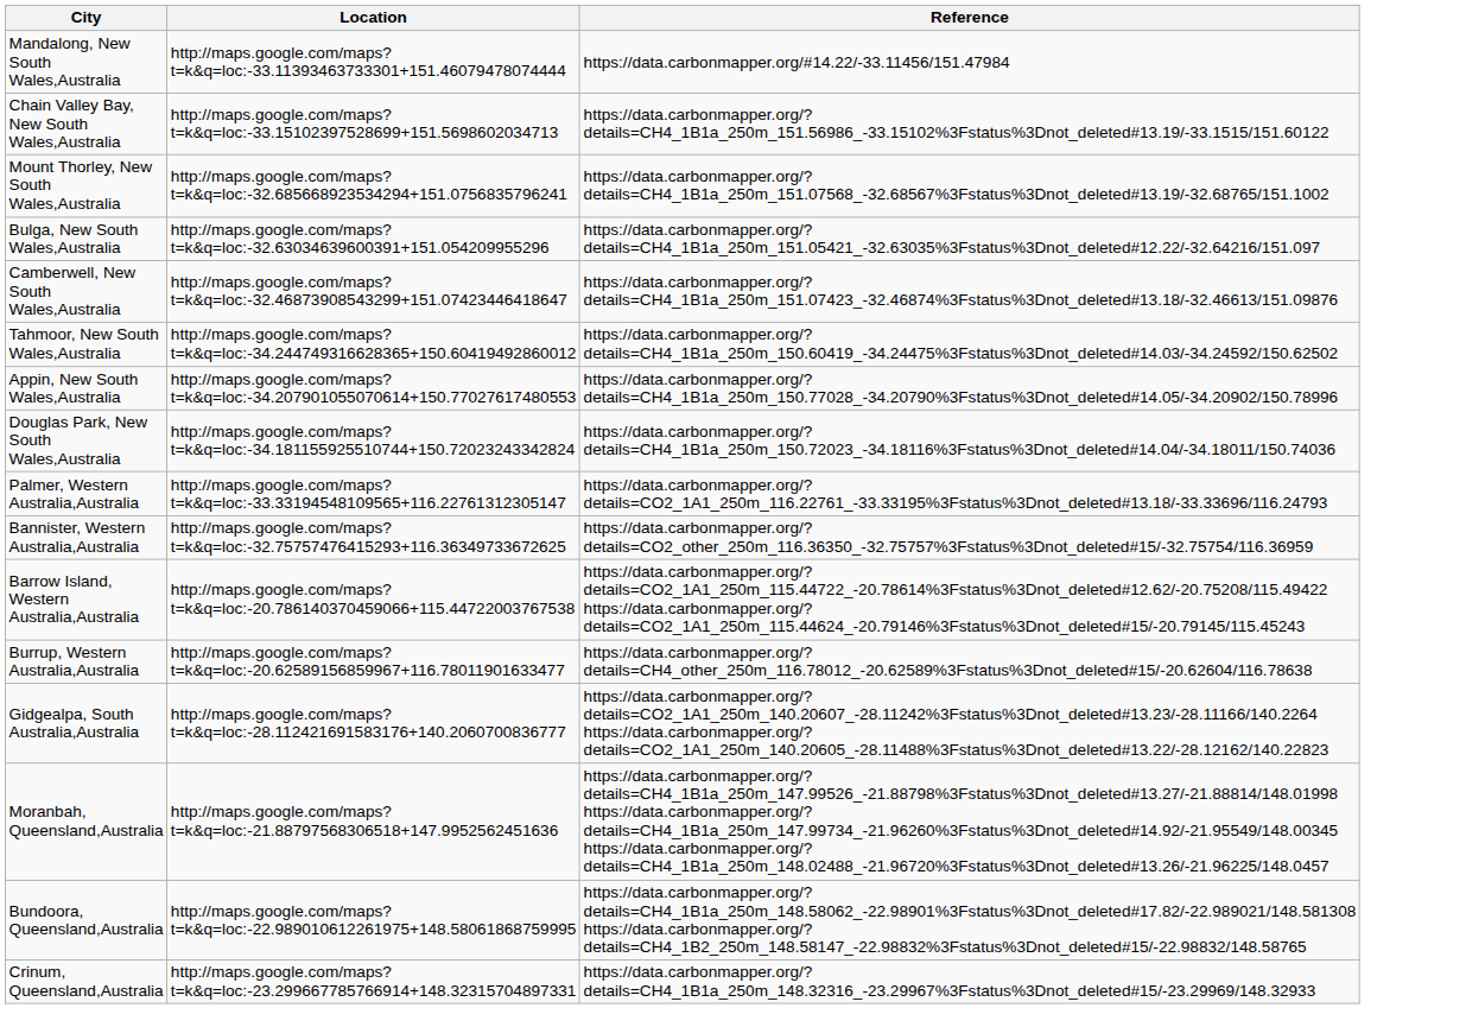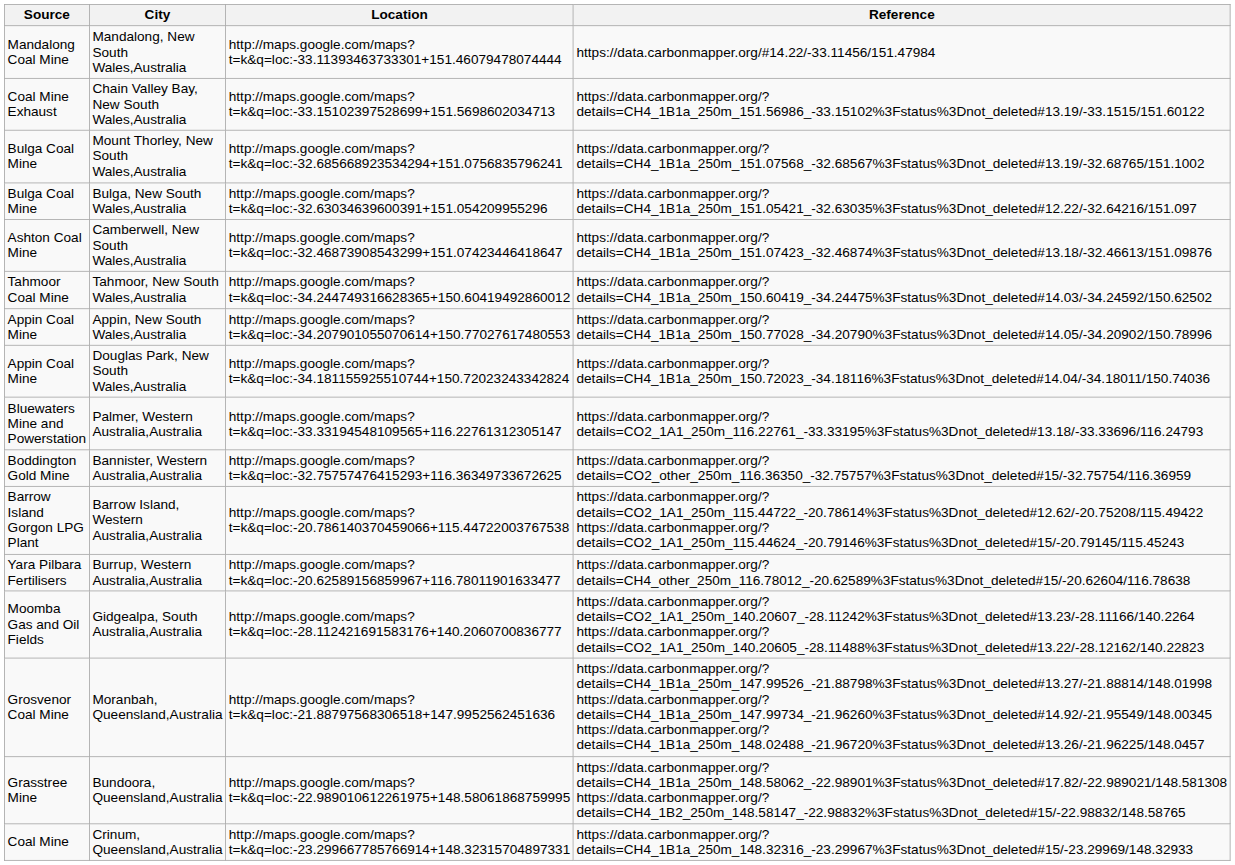 <table class="wikitable">
 <tr>
+<th>Source</th>
 <th>City</th>
 <th>Location</th>
 <th>Reference</th>
 </tr>
 <tr>
+<td>Mandalong Coal Mine</td>
 <td>Mandalong, New South Wales,Australia</td>
 <td>http://maps.google.com/maps?t=k&q=loc:-33.11393463733301+151.46079478074444</td>
 <td>https://data.carbonmapper.org/#14.22/-33.11456/151.47984</td>
 </tr>
 <tr>
+<td>Coal Mine Exhaust</td>
 <td>Chain Valley Bay, New South Wales,Australia</td>
 <td>http://maps.google.com/maps?t=k&q=loc:-33.15102397528699+151.5698602034713</td>
 <td>https://data.carbonmapper.org/?details=CH4_1B1a_250m_151.56986_-33.15102%3Fstatus%3Dnot_deleted#13.19/-33.1515/151.60122</td>
 </tr>
 <tr>
+<td>Bulga Coal Mine</td>
 <td>Mount Thorley, New South Wales,Australia</td>
 <td>http://maps.google.com/maps?t=k&q=loc:-32.685668923534294+151.0756835796241</td>
 <td>https://data.carbonmapper.org/?details=CH4_1B1a_250m_151.07568_-32.68567%3Fstatus%3Dnot_deleted#13.19/-32.68765/151.1002</td>
 </tr>
 <tr>
+<td>Bulga Coal Mine</td>
 <td>Bulga, New South Wales,Australia</td>
 <td>http://maps.google.com/maps?t=k&q=loc:-32.63034639600391+151.054209955296</td>
 <td>https://data.carbonmapper.org/?details=CH4_1B1a_250m_151.05421_-32.63035%3Fstatus%3Dnot_deleted#12.22/-32.64216/151.097</td>
 </tr>
 <tr>
+<td>Ashton Coal Mine</td>
 <td>Camberwell, New South Wales,Australia</td>
 <td>http://maps.google.com/maps?t=k&q=loc:-32.46873908543299+151.07423446418647</td>
 <td>https://data.carbonmapper.org/?details=CH4_1B1a_250m_151.07423_-32.46874%3Fstatus%3Dnot_deleted#13.18/-32.46613/151.09876</td>
 </tr>
 <tr>
+<td>Tahmoor Coal Mine</td>
 <td>Tahmoor, New South Wales,Australia</td>
 <td>http://maps.google.com/maps?t=k&q=loc:-34.244749316628365+150.60419492860012</td>
 <td>https://data.carbonmapper.org/?details=CH4_1B1a_250m_150.60419_-34.24475%3Fstatus%3Dnot_deleted#14.03/-34.24592/150.62502</td>
 </tr>
 <tr>
+<td>Appin Coal Mine</td>
 <td>Appin, New South Wales,Australia</td>
 <td>http://maps.google.com/maps?t=k&q=loc:-34.207901055070614+150.77027617480553</td>
 <td>https://data.carbonmapper.org/?details=CH4_1B1a_250m_150.77028_-34.20790%3Fstatus%3Dnot_deleted#14.05/-34.20902/150.78996</td>
 </tr>
 <tr>
+<td>Appin Coal Mine</td>
 <td>Douglas Park, New South Wales,Australia</td>
 <td>http://maps.google.com/maps?t=k&q=loc:-34.181155925510744+150.72023243342824</td>
 <td>https://data.carbonmapper.org/?details=CH4_1B1a_250m_150.72023_-34.18116%3Fstatus%3Dnot_deleted#14.04/-34.18011/150.74036</td>
 </tr>
 <tr>
+<td>Bluewaters Mine and Powerstation</td>
 <td>Palmer, Western Australia,Australia</td>
 <td>http://maps.google.com/maps?t=k&q=loc:-33.33194548109565+116.22761312305147</td>
 <td>https://data.carbonmapper.org/?details=CO2_1A1_250m_116.22761_-33.33195%3Fstatus%3Dnot_deleted#13.18/-33.33696/116.24793</td>
 </tr>
 <tr>
+<td>Boddington Gold Mine</td>
 <td>Bannister, Western Australia,Australia</td>
 <td>http://maps.google.com/maps?t=k&q=loc:-32.75757476415293+116.36349733672625</td>
 <td>https://data.carbonmapper.org/?details=CO2_other_250m_116.36350_-32.75757%3Fstatus%3Dnot_deleted#15/-32.75754/116.36959</td>
 </tr>
 <tr>
+<td>Barrow Island Gorgon LPG Plant</td>
 <td>Barrow Island, Western Australia,Australia</td>
 <td>http://maps.google.com/maps?t=k&q=loc:-20.786140370459066+115.44722003767538</td>
 <td>https://data.carbonmapper.org/?details=CO2_1A1_250m_115.44722_-20.78614%3Fstatus%3Dnot_deleted#12.62/-20.75208/115.49422<br>https://data.carbonmapper.org/?details=CO2_1A1_250m_115.44624_-20.79146%3Fstatus%3Dnot_deleted#15/-20.79145/115.45243</td>
 </tr>
 <tr>
+<td>Yara Pilbara Fertilisers</td>
 <td>Burrup, Western Australia,Australia</td>
 <td>http://maps.google.com/maps?t=k&q=loc:-20.62589156859967+116.78011901633477</td>
 <td>https://data.carbonmapper.org/?details=CH4_other_250m_116.78012_-20.62589%3Fstatus%3Dnot_deleted#15/-20.62604/116.78638</td>
 </tr>
 <tr>
+<td>Moomba Gas and Oil Fields</td>
 <td>Gidgealpa, South Australia,Australia</td>
 <td>http://maps.google.com/maps?t=k&q=loc:-28.112421691583176+140.2060700836777</td>
 <td>https://data.carbonmapper.org/?details=CO2_1A1_250m_140.20607_-28.11242%3Fstatus%3Dnot_deleted#13.23/-28.11166/140.2264<br>https://data.carbonmapper.org/?details=CO2_1A1_250m_140.20605_-28.11488%3Fstatus%3Dnot_deleted#13.22/-28.12162/140.22823</td>
 </tr>
 <tr>
+<td>Grosvenor Coal Mine</td>
 <td>Moranbah, Queensland,Australia</td>
 <td>http://maps.google.com/maps?t=k&q=loc:-21.88797568306518+147.9952562451636</td>
 <td>https://data.carbonmapper.org/?details=CH4_1B1a_250m_147.99526_-21.88798%3Fstatus%3Dnot_deleted#13.27/-21.88814/148.01998<br>https://data.carbonmapper.org/?details=CH4_1B1a_250m_147.99734_-21.96260%3Fstatus%3Dnot_deleted#14.92/-21.95549/148.00345 https://data.carbonmapper.org/?details=CH4_1B1a_250m_148.02488_-21.96720%3Fstatus%3Dnot_deleted#13.26/-21.96225/148.0457</td>
 </tr>
 <tr>
+<td>Grasstree Mine</td>
 <td>Bundoora, Queensland,Australia</td>
 <td>http://maps.google.com/maps?t=k&q=loc:-22.989010612261975+148.58061868759995</td>
 <td>https://data.carbonmapper.org/?details=CH4_1B1a_250m_148.58062_-22.98901%3Fstatus%3Dnot_deleted#17.82/-22.989021/148.581308<br>https://data.carbonmapper.org/?details=CH4_1B2_250m_148.58147_-22.98832%3Fstatus%3Dnot_deleted#15/-22.98832/148.58765</td>
 </tr>
 <tr>
+<td>Coal Mine</td>
 <td>Crinum, Queensland,Australia</td>
 <td>http://maps.google.com/maps?t=k&q=loc:-23.299667785766914+148.32315704897331</td>
 <td>https://data.carbonmapper.org/?details=CH4_1B1a_250m_148.32316_-23.29967%3Fstatus%3Dnot_deleted#15/-23.29969/148.32933</td>
 </tr>
 </table>
